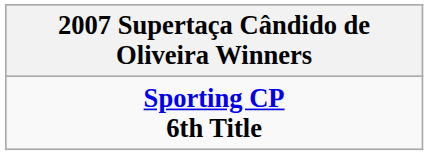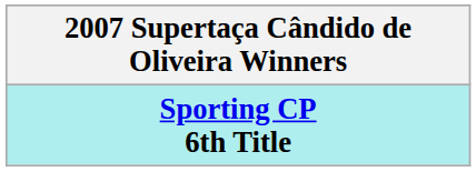 <table class="wikitable" style="text-align: center; margin: 0 auto; width: 20%">
 <tr>
 <th>2007 Supertaça Cândido de Oliveira Winners</th>
 </tr>
 <tr>
-<td><strong><a href='#'>Sporting CP</a></strong><br><strong>6th Title</strong></td>
+<td style="background: paleturquoise;"><strong><a href='#'>Sporting CP</a></strong><br><strong>6th Title</strong></td>
 </tr>
 </table>
